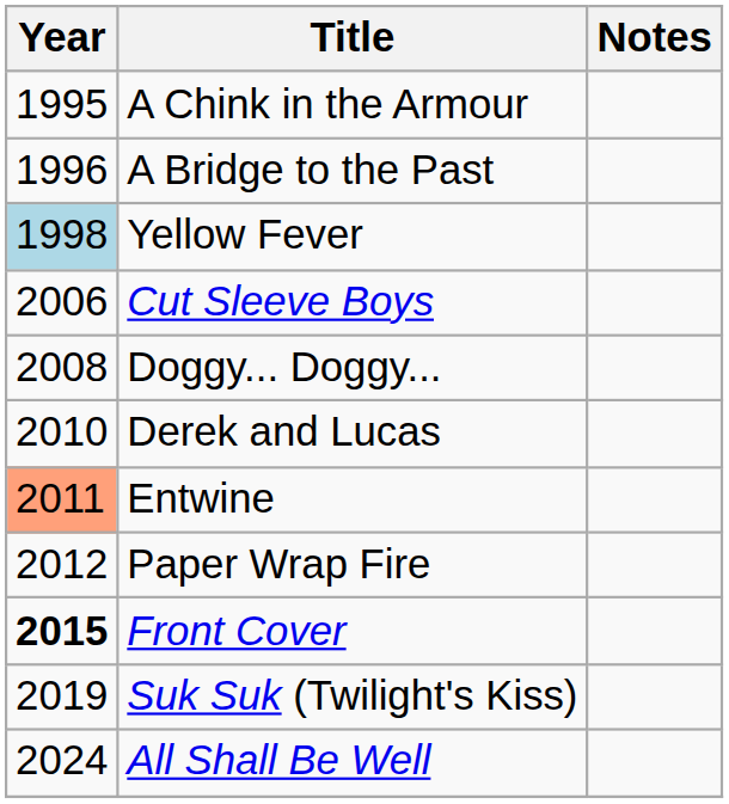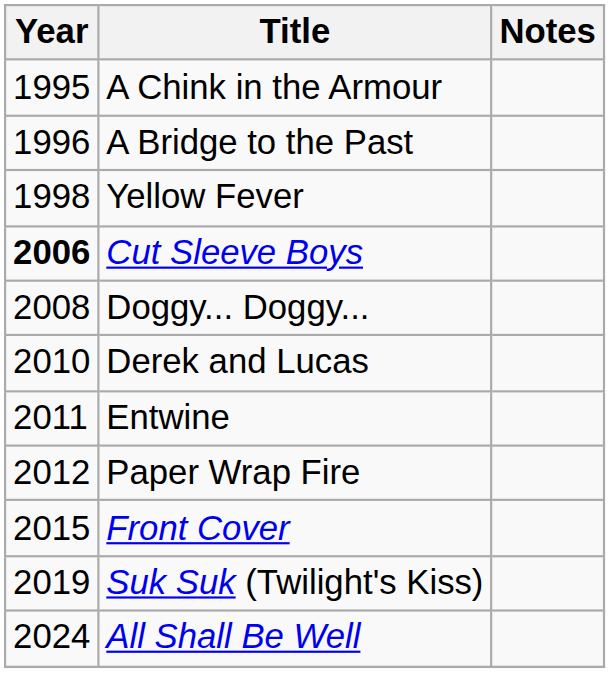 <table class="wikitable sortable">
 <tr>
 <th>Year</th>
 <th>Title</th>
 <th>Notes</th>
 </tr>
 <tr>
 <td>1995</td>
 <td>A Chink in the Armour</td>
 <td></td>
 </tr>
 <tr>
 <td>1996</td>
 <td>A Bridge to the Past</td>
 <td></td>
 </tr>
 <tr>
-<td style="background: lightblue;">1998</td>
+<td>1998</td>
 <td>Yellow Fever</td>
 <td></td>
 </tr>
 <tr>
-<td>2006</td>
+<td><strong>2006</strong></td>
 <td><em><a href='#'>Cut Sleeve Boys</a></em></td>
 <td></td>
 </tr>
 <tr>
 <td>2008</td>
 <td Doggy... Doggy...>Doggy... Doggy...</td>
 <td></td>
 </tr>
 <tr>
 <td>2010</td>
 <td Derek and Lucas>Derek and Lucas</td>
 <td></td>
 </tr>
 <tr>
-<td style="background: lightsalmon;">2011</td>
+<td>2011</td>
 <td Entwine>Entwine</td>
 <td></td>
 </tr>
 <tr>
 <td>2012</td>
 <td Paper Wrap Fire>Paper Wrap Fire</td>
 <td></td>
 </tr>
 <tr>
-<td><strong>2015</strong></td>
+<td>2015</td>
 <td><em><a href='#'>Front Cover</a></em></td>
 <td></td>
 </tr>
 <tr>
 <td>2019</td>
 <td><em><a href='#'>Suk Suk</a></em> (Twilight's Kiss)</td>
 <td></td>
 </tr>
 <tr>
 <td>2024</td>
 <td><em><a href='#'>All Shall Be Well</a></em></td>
 <td></td>
 </tr>
 <tr>
 </tr>
 </table>
